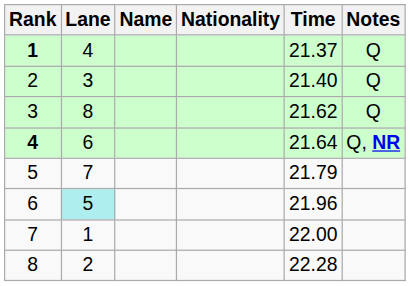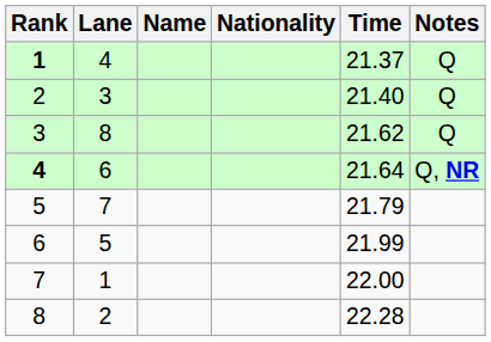 <table class="wikitable sortable" style="text-align:center">
 <tr>
 <th>Rank</th>
 <th>Lane</th>
 <th>Name</th>
 <th>Nationality</th>
 <th>Time</th>
 <th>Notes</th>
 </tr>
 <tr bgcolor=ccffcc>
 <td><strong>1</strong></td>
 <td>4</td>
 <td align=left></td>
 <td align=left></td>
 <td>21.37</td>
 <td>Q</td>
 </tr>
 <tr bgcolor=ccffcc>
 <td>2</td>
 <td>3</td>
 <td align=left></td>
 <td align=left></td>
 <td>21.40</td>
 <td>Q</td>
 </tr>
 <tr bgcolor=ccffcc>
 <td>3</td>
 <td>8</td>
 <td align=left></td>
 <td align=left></td>
 <td>21.62</td>
 <td>Q</td>
 </tr>
 <tr bgcolor=ccffcc>
 <td><strong>4</strong></td>
 <td>6</td>
 <td align=left></td>
 <td align=left></td>
 <td>21.64</td>
 <td>Q, <strong><a href='#'>NR</a></strong></td>
 </tr>
 <tr>
 <td>5</td>
 <td>7</td>
 <td align=left></td>
 <td align=left></td>
 <td>21.79</td>
 <td></td>
 </tr>
 <tr>
 <td>6</td>
-<td style="background: paleturquoise;">5</td>
+<td>5</td>
 <td align=left></td>
 <td align=left></td>
-<td>21.96</td>
+<td>21.99</td>
 <td></td>
 </tr>
 <tr>
 <td>7</td>
 <td>1</td>
 <td align=left></td>
 <td align=left></td>
 <td>22.00</td>
 <td></td>
 </tr>
 <tr>
 <td>8</td>
 <td>2</td>
 <td align=left></td>
 <td align=left></td>
 <td>22.28</td>
 <td></td>
 </tr>
 </table>
